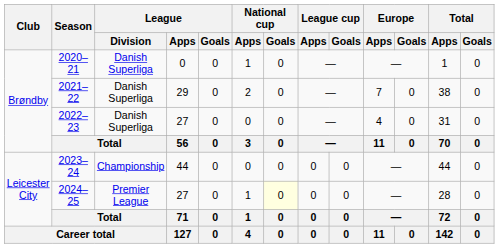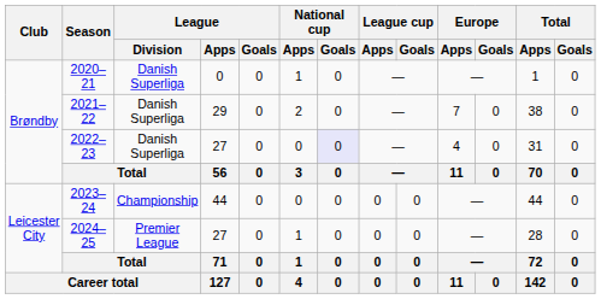 <table class="wikitable" style="text-align:center">
 <tr>
 <th rowspan="2">Club</th>
 <th rowspan="2">Season</th>
 <th colspan="3">League</th>
 <th colspan="2">National cup</th>
 <th colspan="2">League cup</th>
 <th colspan="2">Europe</th>
 <th colspan="3">Total</th>
 </tr>
 <tr>
 <th>Division</th>
 <th>Apps</th>
 <th>Goals</th>
 <th>Apps</th>
 <th>Goals</th>
 <th>Apps</th>
 <th>Goals</th>
 <th>Apps</th>
 <th>Goals</th>
 <th>Apps</th>
 <th>Goals</th>
 </tr>
 <tr>
 <td rowspan="4"><a href='#'>Brøndby</a></td>
 <td><a href='#'>2020–21</a></td>
 <td><a href='#'>Danish Superliga</a></td>
 <td>0</td>
 <td>0</td>
 <td>1</td>
 <td>0</td>
 <td colspan="2">—</td>
 <td colspan="2">—</td>
 <td>1</td>
 <td>0</td>
 </tr>
 <tr>
 <td><a href='#'>2021–22</a></td>
 <td>Danish Superliga</td>
 <td>29</td>
 <td>0</td>
 <td>2</td>
 <td>0</td>
 <td colspan="2">—</td>
 <td>7</td>
 <td>0</td>
 <td>38</td>
 <td>0</td>
 </tr>
 <tr>
 <td><a href='#'>2022–23</a></td>
 <td>Danish Superliga</td>
 <td>27</td>
 <td>0</td>
 <td>0</td>
-<td>0</td>
+<td style="background: lavender;">0</td>
 <td colspan="2">—</td>
 <td>4</td>
 <td>0</td>
 <td>31</td>
 <td>0</td>
 </tr>
 <tr>
 <th colspan="2">Total</th>
 <th>56</th>
 <th>0</th>
 <th>3</th>
 <th>0</th>
 <th colspan="2">—</th>
 <th>11</th>
 <th>0</th>
 <th>70</th>
 <th>0</th>
 </tr>
 <tr>
 <td rowspan="3"><a href='#'>Leicester City</a></td>
 <td><a href='#'>2023–24</a></td>
 <td><a href='#'>Championship</a></td>
 <td>44</td>
 <td>0</td>
 <td>0</td>
 <td>0</td>
 <td>0</td>
 <td>0</td>
 <td colspan="2">—</td>
 <td>44</td>
 <td>0</td>
 </tr>
 <tr>
 <td><a href='#'>2024–25</a></td>
 <td><a href='#'>Premier League</a></td>
 <td>27</td>
 <td>0</td>
 <td>1</td>
-<td style="background: lightyellow;">0</td>
+<td>0</td>
 <td>0</td>
 <td>0</td>
 <td colspan="2">—</td>
 <td>28</td>
 <td>0</td>
 </tr>
 <tr>
 <th colspan="2">Total</th>
 <th>71</th>
 <th>0</th>
 <th>1</th>
 <th>0</th>
 <th>0</th>
 <th>0</th>
 <th colspan="2">—</th>
 <th>72</th>
 <th>0</th>
 </tr>
 <tr>
 <th colspan="3">Career total</th>
 <th>127</th>
 <th>0</th>
 <th>4</th>
 <th>0</th>
 <th>0</th>
 <th>0</th>
 <th>11</th>
 <th>0</th>
 <th>142</th>
 <th>0</th>
 </tr>
 </table>
